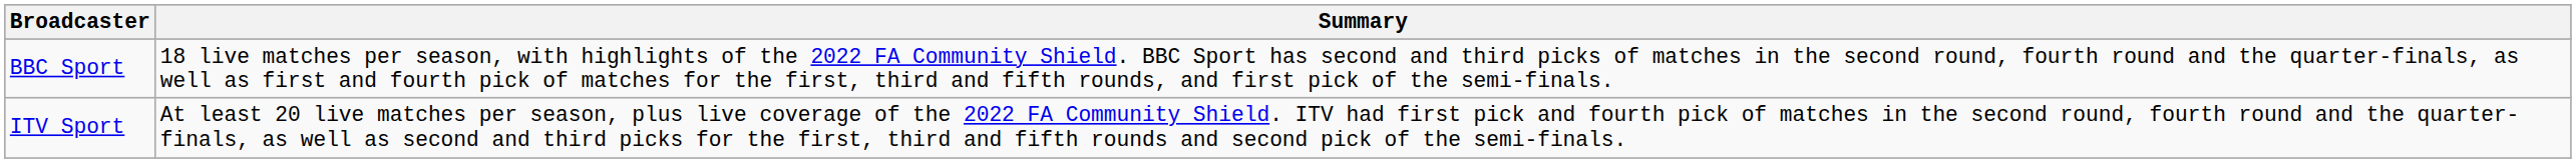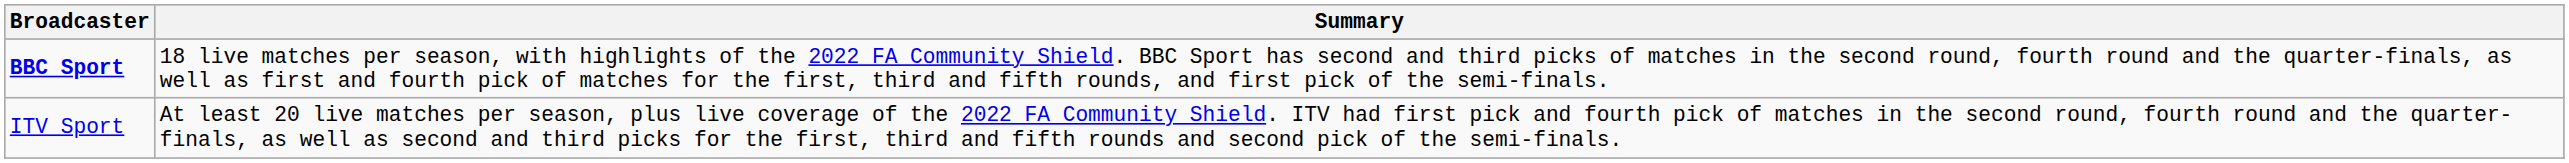 <table class="wikitable">
 <tr>
 <th>Broadcaster</th>
 <th>Summary</th>
 </tr>
 <tr>
-<td><a href='#'>BBC Sport</a></td>
+<td><strong><a href='#'>BBC Sport</a></strong></td>
 <td>18 live matches per season, with highlights of the <a href='#'>2022 FA Community Shield</a>. BBC Sport has second and third picks of matches in the second round, fourth round and the quarter-finals, as well as first and fourth pick of matches for the first, third and fifth rounds, and first pick of the semi-finals.</td>
 </tr>
 <tr>
 <td><a href='#'>ITV Sport</a></td>
 <td>At least 20 live matches per season, plus live coverage of the <a href='#'>2022 FA Community Shield</a>. ITV had first pick and fourth pick of matches in the second round, fourth round and the quarter-finals, as well as second and third picks for the first, third and fifth rounds and second pick of the semi-finals.</td>
 </tr>
 </table>
